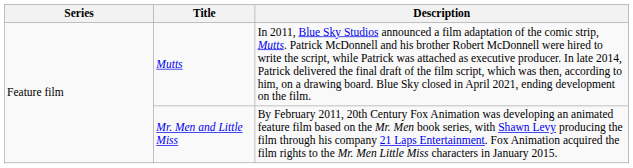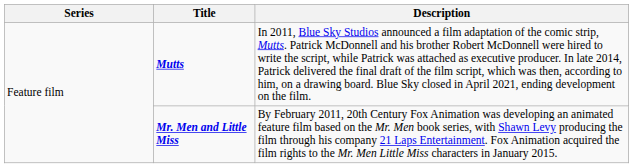 <table class="wikitable">
 <tr>
 <th style="width:150pt;">Series</th>
 <th style="width:100pt;">Title</th>
 <th>Description</th>
 </tr>
 <tr>
 <td rowspan="2">Feature film</td>
-<td><em><a href='#'>Mutts</a></em></td>
+<td><strong><em><a href='#'>Mutts</a></em></strong></td>
 <td>In 2011, <a href='#'>Blue Sky Studios</a> announced a film adaptation of the comic strip, <em><a href='#'>Mutts</a></em>. Patrick McDonnell and his brother Robert McDonnell were hired to write the script, while Patrick was attached as executive producer. In late 2014, Patrick delivered the final draft of the film script, which was then, according to him, on a drawing board. Blue Sky closed in April 2021, ending development on the film.</td>
 </tr>
 <tr>
-<td><em><a href='#'>Mr. Men and Little Miss</a></em></td>
+<td><strong><em><a href='#'>Mr. Men and Little Miss</a></em></strong></td>
 <td>By February 2011, 20th Century Fox Animation was developing an animated feature film based on the <em>Mr. Men</em> book series, with <a href='#'>Shawn Levy</a> producing the film through his company <a href='#'>21 Laps Entertainment</a>. Fox Animation acquired the film rights to the <em>Mr. Men Little Miss</em> characters in January 2015.</td>
 </tr>
 </table>
